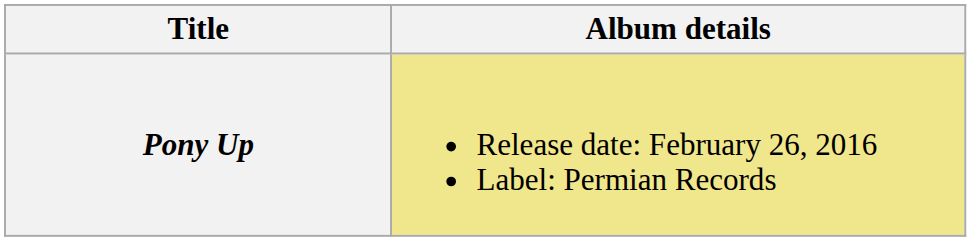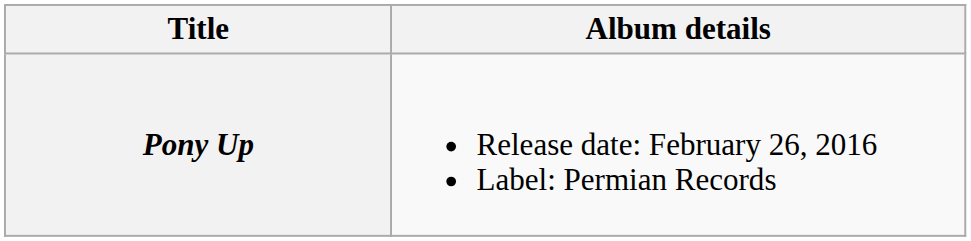 <table class="wikitable plainrowheaders">
 <tr>
 <th style="width:12em;">Title</th>
 <th style="width:18em;">Album details</th>
 </tr>
 <tr>
 <th scope="row"><em>Pony Up</em></th>
-<td style="background: khaki;"><br><ul><li>Release date: February 26, 2016</li><li>Label: Permian Records</li></ul></td>
+<td><br><ul><li>Release date: February 26, 2016</li><li>Label: Permian Records</li></ul></td>
 </tr>
 </table>
